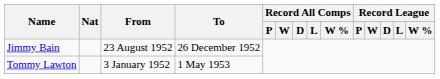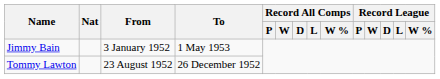 <table style="text-align: center" class="wikitable">
 <tr>
 <th rowspan="2">Name</th>
 <th rowspan="2">Nat</th>
 <th rowspan="2">From</th>
 <th rowspan="2">To</th>
 <th colspan="5">Record All Comps</th>
 <th colspan="5">Record League</th>
 </tr>
 <tr>
 <th>P</th>
 <th>W</th>
 <th>D</th>
 <th>L</th>
 <th>W %</th>
 <th>P</th>
 <th>W</th>
 <th>D</th>
 <th>L</th>
 <th>W %</th>
 </tr>
 <tr>
 <td style="text-align:left;"><a href='#'>Jimmy Bain</a></td>
 <td></td>
-<td style="text-align:left;">23 August 1952</td>
-<td style="text-align:left;">26 December 1952<br> </td>
+<td style="text-align:left;">3 January 1952</td>
+<td style="text-align:left;">1 May 1953<br> </td>
 </tr>
 <tr>
 <td><a href='#'>Tommy Lawton</a></td>
 <td></td>
-<td style="text-align:left;">3 January 1952</td>
-<td style="text-align:left;">1 May 1953<br> </td>
+<td style="text-align:left;">23 August 1952</td>
+<td style="text-align:left;">26 December 1952<br> </td>
 </tr>
 </table>
